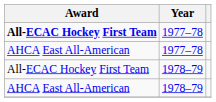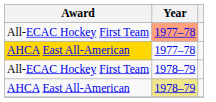 <table class="wikitable">
 <tr>
 <th>Award</th>
 <th>Year</th>
 <th></th>
 </tr>
 <tr>
-<td><strong>All-<a href='#'>ECAC Hockey</a> <a href='#'>First Team</a></strong></td>
-<td><a href='#'>1977–78</a></td>
+<td>All-<a href='#'>ECAC Hockey</a> <a href='#'>First Team</a></td>
+<td style="background: lightsalmon;"><a href='#'>1977–78</a></td>
 <td></td>
 </tr>
 <tr>
-<td><a href='#'>AHCA</a> <a href='#'>East All-American</a></td>
+<td style="background: gold;"><a href='#'>AHCA</a> <a href='#'>East All-American</a></td>
 <td><a href='#'>1977–78</a></td>
 <td></td>
 </tr>
 <tr>
 <td>All-<a href='#'>ECAC Hockey</a> <a href='#'>First Team</a></td>
 <td><a href='#'>1978–79</a></td>
 <td></td>
 </tr>
 <tr>
 <td><a href='#'>AHCA</a> <a href='#'>East All-American</a></td>
-<td><a href='#'>1978–79</a></td>
+<td style="background: khaki;"><a href='#'>1978–79</a></td>
 <td></td>
 </tr>
 <tr>
 </tr>
 </table>
